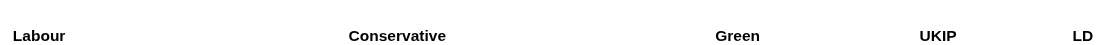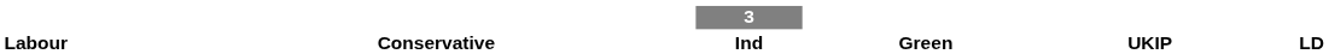 <table style="width:100%; text-align:center;">
 <tr style="color:white;">
 <td style="background-color:"><strong>21</strong></td>
 <td style="background-color:"><strong>13</strong></td>
+<td style="background-color:gray; width:7.3%;"><strong>3</strong></td>
 <td style="background-color:"><strong>2</strong></td>
 <td style="background-color:"><strong>1</strong></td>
 <td style="background-color:"><strong>1</strong></td>
 </tr>
 <tr>
 <td><span><strong>Labour</strong></span></td>
 <td><span><strong>Conservative</strong></span></td>
+<td><span><strong>Ind</strong></span></td>
 <td><span><strong>Green</strong></span></td>
 <td><span><strong>UKIP</strong></span></td>
 <td><span><strong>LD</strong></span></td>
 </tr>
 </table>
